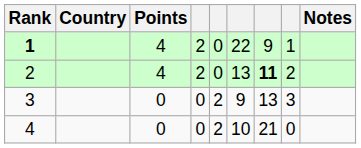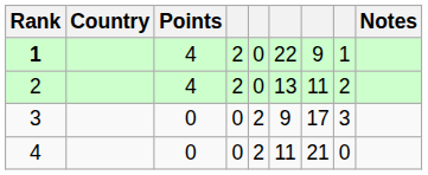 <table class="wikitable sortable" style="text-align: center;">
 <tr>
 <th>Rank</th>
 <th>Country</th>
 <th>Points</th>
 <th></th>
 <th></th>
 <th></th>
 <th></th>
 <th></th>
 <th>Notes</th>
 </tr>
 <tr style="background:#cfc;">
 <td><strong>1</strong></td>
 <td align=left></td>
 <td>4</td>
 <td>2</td>
 <td>0</td>
 <td>22</td>
 <td>9</td>
 <td>1</td>
 <td></td>
 </tr>
 <tr style="background:#cfc;">
 <td>2</td>
 <td align=left></td>
 <td>4</td>
 <td>2</td>
 <td>0</td>
 <td>13</td>
-<td><strong>11</strong></td>
+<td>11</td>
 <td>2</td>
 <td></td>
 </tr>
 <tr>
 <td>3</td>
 <td align=left></td>
 <td>0</td>
 <td>0</td>
 <td>2</td>
 <td>9</td>
-<td>13</td>
+<td>17</td>
 <td>3</td>
 <td></td>
 </tr>
 <tr>
 <td>4</td>
 <td align=left></td>
 <td>0</td>
 <td>0</td>
 <td>2</td>
-<td>10</td>
+<td>11</td>
 <td>21</td>
 <td>0</td>
 <td></td>
 </tr>
 </table>
